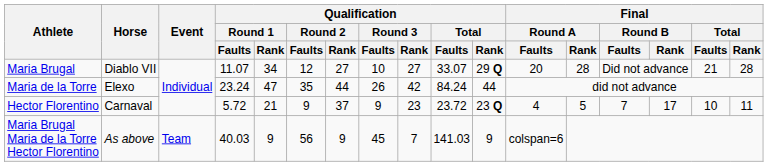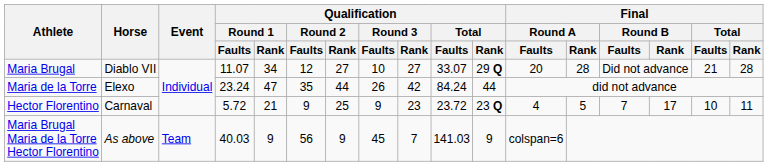 <table class=wikitable style=font-size:90%;text-align:center>
 <tr>
 <th rowspan=3>Athlete</th>
 <th rowspan=3>Horse</th>
 <th rowspan=3>Event</th>
 <th colspan=8>Qualification</th>
 <th colspan=6>Final</th>
 </tr>
 <tr style=font-size:95%>
 <th colspan=2>Round 1</th>
 <th colspan=2>Round 2</th>
 <th colspan=2>Round 3</th>
 <th colspan=2>Total</th>
 <th colspan=2>Round A</th>
 <th colspan=2>Round B</th>
 <th colspan=2>Total</th>
 </tr>
 <tr style=font-size:95%>
 <th>Faults</th>
 <th>Rank</th>
 <th>Faults</th>
 <th>Rank</th>
 <th>Faults</th>
 <th>Rank</th>
 <th>Faults</th>
 <th>Rank</th>
 <th>Faults</th>
 <th>Rank</th>
 <th>Faults</th>
 <th>Rank</th>
 <th>Faults</th>
 <th>Rank</th>
 </tr>
 <tr>
 <td align=left><a href='#'>Maria Brugal</a></td>
 <td align=left>Diablo VII</td>
 <td align=left rowspan=3><a href='#'>Individual</a></td>
 <td>11.07</td>
 <td>34</td>
 <td>12</td>
 <td>27</td>
 <td>10</td>
 <td>27</td>
 <td>33.07</td>
 <td>29 <strong>Q</strong></td>
 <td>20</td>
 <td>28</td>
 <td colspan=2>Did not advance</td>
 <td>21</td>
 <td>28</td>
 </tr>
 <tr>
 <td align=left><a href='#'>Maria de la Torre</a></td>
 <td align=left>Elexo</td>
 <td>23.24</td>
 <td>47</td>
 <td>35</td>
 <td>44</td>
 <td>26</td>
 <td>42</td>
 <td>84.24</td>
 <td>44</td>
 <td colspan=6>did not advance</td>
 </tr>
 <tr>
 <td align=left><a href='#'>Hector Florentino</a></td>
 <td align=left>Carnaval</td>
 <td>5.72</td>
 <td>21</td>
 <td>9</td>
-<td>37</td>
+<td>25</td>
 <td>9</td>
 <td>23</td>
 <td>23.72</td>
 <td>23 <strong>Q</strong></td>
 <td>4</td>
 <td>5</td>
 <td>7</td>
 <td>17</td>
 <td>10</td>
 <td>11</td>
 </tr>
 <tr>
 <td align=left><a href='#'>Maria Brugal</a><br><a href='#'>Maria de la Torre</a><br><a href='#'>Hector Florentino</a></td>
 <td align=left><em>As above</em></td>
 <td align=left><a href='#'>Team</a></td>
 <td>40.03</td>
 <td>9</td>
 <td>56</td>
 <td>9</td>
 <td>45</td>
 <td>7</td>
 <td>141.03</td>
 <td>9</td>
 <td>colspan=6 </td>
 </tr>
 </table>
